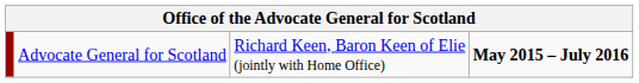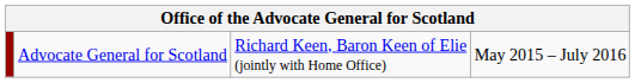 <table class="wikitable">
 <tr>
 <th colspan=4>Office of the Advocate General for Scotland</th>
 </tr>
 <tr>
 <td style="width:1px; background:#900;"></td>
 <td><a href='#'>Advocate General for Scotland</a></td>
 <td><a href='#'>Richard Keen, Baron Keen of Elie</a><br><small>(jointly with Home Office)</small></td>
-<td><strong>May 2015 – July 2016</strong></td>
+<td>May 2015 – July 2016</td>
 </tr>
 </table>
